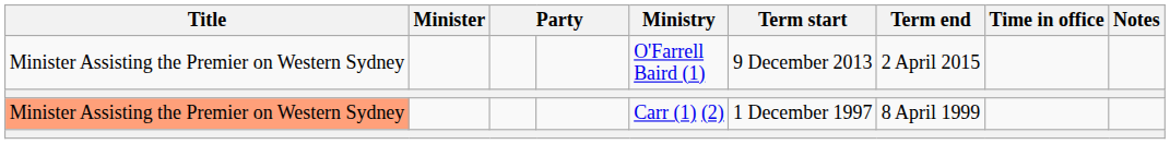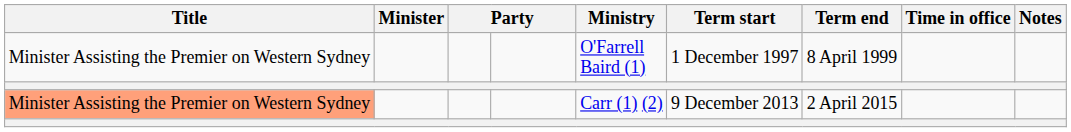 <table class="wikitable sortable">
 <tr>
 <th>Title</th>
 <th>Minister</th>
 <th colspan=2>Party</th>
 <th>Ministry</th>
 <th>Term start</th>
 <th>Term end</th>
 <th>Time in office</th>
 <th class="unsortable">Notes</th>
 </tr>
 <tr>
 <td>Minister Assisting the Premier on Western Sydney</td>
 <td></td>
 <td> </td>
 <td width=8%></td>
 <td><a href='#'>O'Farrell</a><br><a href='#'>Baird (1)</a></td>
-<td align=center>9 December 2013</td>
-<td align=center>2 April 2015</td>
+<td align=center>1 December 1997</td>
+<td align=center>8 April 1999</td>
 <td align=right></td>
 <td></td>
 </tr>
 <tr>
 <th colspan=9></th>
 </tr>
 <tr>
 <td style="background: lightsalmon;">Minister Assisting the Premier on Western Sydney</td>
 <td></td>
 <td> </td>
 <td></td>
 <td><a href='#'>Carr (1)</a> <a href='#'>(2)</a></td>
-<td align=center>1 December 1997</td>
-<td align=center>8 April 1999</td>
+<td align=center>9 December 2013</td>
+<td align=center>2 April 2015</td>
 <td align=right></td>
 <td></td>
 </tr>
 <tr>
 <th colspan=9></th>
 </tr>
 </table>
